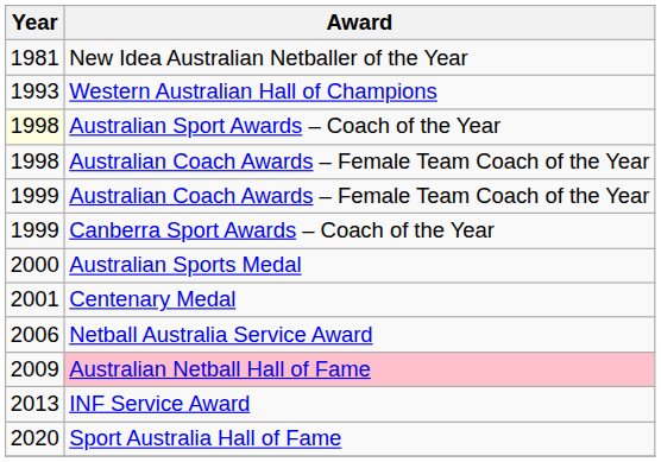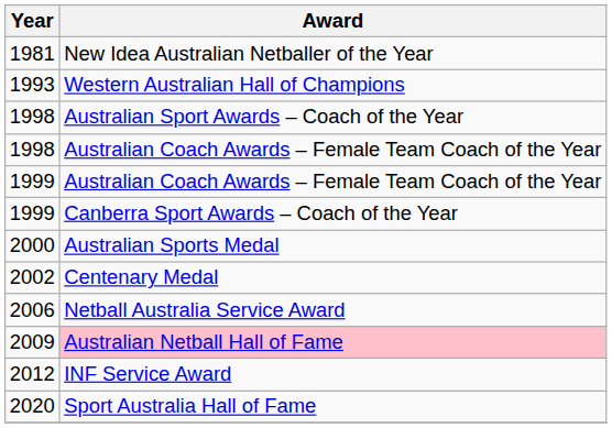 <table class="wikitable collapsible">
 <tr>
 <th>Year</th>
 <th>Award</th>
 </tr>
 <tr>
 <td>1981</td>
 <td>New Idea Australian Netballer of the Year</td>
 </tr>
 <tr>
 <td>1993</td>
 <td><a href='#'>Western Australian Hall of Champions</a></td>
 </tr>
 <tr>
-<td style="background: lightyellow;">1998</td>
+<td>1998</td>
 <td><a href='#'>Australian Sport Awards</a> – Coach of the Year</td>
 </tr>
 <tr>
 <td>1998</td>
 <td><a href='#'>Australian Coach Awards</a> – Female Team Coach of the Year</td>
 </tr>
 <tr>
 <td>1999</td>
 <td><a href='#'>Australian Coach Awards</a> – Female Team Coach of the Year</td>
 </tr>
 <tr>
 <td>1999</td>
 <td><a href='#'>Canberra Sport Awards</a> – Coach of the Year</td>
 </tr>
 <tr>
 <td>2000</td>
 <td><a href='#'>Australian Sports Medal</a></td>
 </tr>
 <tr>
-<td>2001</td>
+<td>2002</td>
 <td><a href='#'>Centenary Medal</a></td>
 </tr>
 <tr>
 <td>2006</td>
 <td><a href='#'>Netball Australia Service Award</a></td>
 </tr>
 <tr>
 <td>2009</td>
 <td style="background: pink;"><a href='#'>Australian Netball Hall of Fame</a></td>
 </tr>
 <tr>
-<td>2013</td>
+<td>2012</td>
 <td><a href='#'>INF Service Award</a></td>
 </tr>
 <tr>
 <td>2020</td>
 <td><a href='#'>Sport Australia Hall of Fame</a></td>
 </tr>
 <tr>
 </tr>
 </table>
